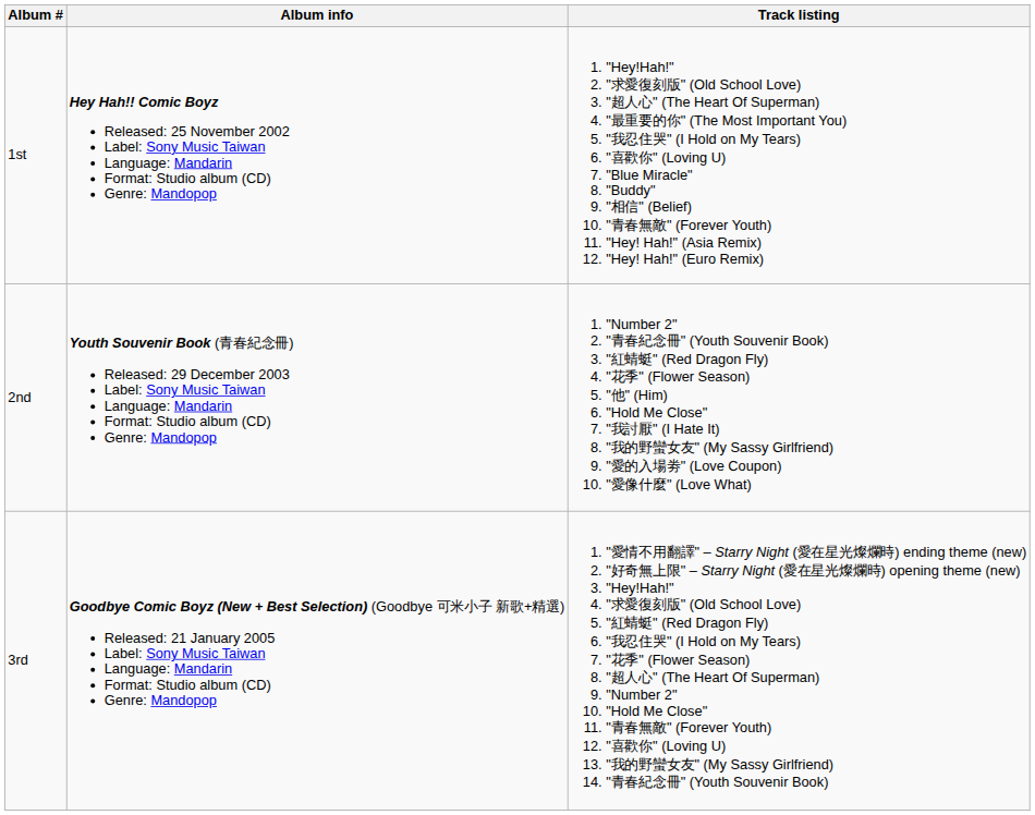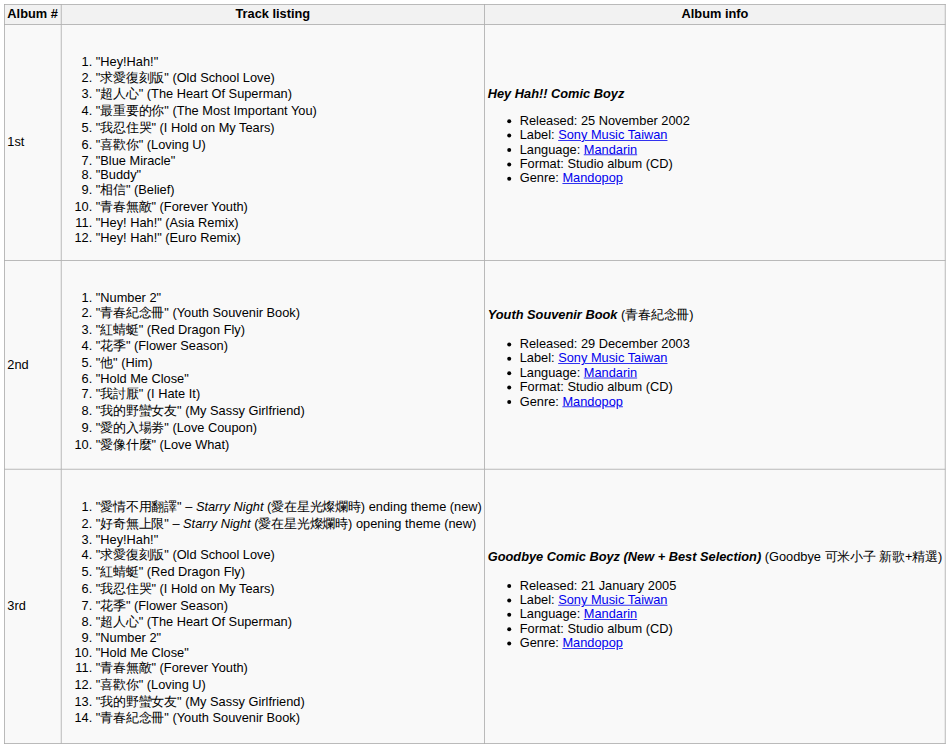 <table class="wikitable">
 <tr>
 <th>Album #</th>
+<th>Track listing</th>
 <th>Album info</th>
-<th>Track listing</th>
 </tr>
 <tr>
 <td>1st</td>
+<td><br><ol><li>"Hey!Hah!"</li><li>"求愛復刻版" (Old School Love)</li><li>"超人心" (The Heart Of Superman)</li><li>"最重要的你" (The Most Important You)</li><li>"我忍住哭" (I Hold on My Tears)</li><li>"喜歡你" (Loving U)</li><li>"Blue Miracle"</li><li>"Buddy"</li><li>"相信" (Belief)</li><li>"青春無敵" (Forever Youth)</li><li>"Hey! Hah!" (Asia Remix)</li><li>"Hey! Hah!" (Euro Remix)</li></ol></td>
 <td><strong><em>Hey Hah!! Comic Boyz</em></strong><br><ul><li>Released: 25 November 2002</li><li>Label: <a href='#'>Sony Music Taiwan</a></li><li>Language: <a href='#'>Mandarin</a></li><li>Format: Studio album (CD)</li><li>Genre: <a href='#'>Mandopop</a></li></ul></td>
-<td><br><ol><li>"Hey!Hah!"</li><li>"求愛復刻版" (Old School Love)</li><li>"超人心" (The Heart Of Superman)</li><li>"最重要的你" (The Most Important You)</li><li>"我忍住哭" (I Hold on My Tears)</li><li>"喜歡你" (Loving U)</li><li>"Blue Miracle"</li><li>"Buddy"</li><li>"相信" (Belief)</li><li>"青春無敵" (Forever Youth)</li><li>"Hey! Hah!" (Asia Remix)</li><li>"Hey! Hah!" (Euro Remix)</li></ol></td>
 </tr>
 <tr>
 <td>2nd</td>
+<td><br><ol><li>"Number 2"</li><li>"青春紀念冊" (Youth Souvenir Book)</li><li>"紅蜻蜓" (Red Dragon Fly)</li><li>"花季" (Flower Season)</li><li>"他" (Him)</li><li>"Hold Me Close"</li><li>"我討厭" (I Hate It)</li><li>"我的野蠻女友" (My Sassy Girlfriend)</li><li>"愛的入場劵" (Love Coupon)</li><li>"愛像什麼" (Love What)</li></ol></td>
 <td><strong><em>Youth Souvenir Book</em></strong> (青春紀念冊)<br><ul><li>Released: 29 December 2003</li><li>Label: <a href='#'>Sony Music Taiwan</a></li><li>Language: <a href='#'>Mandarin</a></li><li>Format: Studio album (CD)</li><li>Genre: <a href='#'>Mandopop</a></li></ul></td>
-<td><br><ol><li>"Number 2"</li><li>"青春紀念冊" (Youth Souvenir Book)</li><li>"紅蜻蜓" (Red Dragon Fly)</li><li>"花季" (Flower Season)</li><li>"他" (Him)</li><li>"Hold Me Close"</li><li>"我討厭" (I Hate It)</li><li>"我的野蠻女友" (My Sassy Girlfriend)</li><li>"愛的入場劵" (Love Coupon)</li><li>"愛像什麼" (Love What)</li></ol></td>
 </tr>
 <tr>
 <td>3rd</td>
+<td><br><ol><li>"愛情不用翻譯"  – <em>Starry Night</em> (愛在星光燦爛時) ending theme (new)</li><li>"好奇無上限"  – <em>Starry Night</em> (愛在星光燦爛時) opening theme (new)</li><li>"Hey!Hah!"</li><li>"求愛復刻版" (Old School Love)</li><li>"紅蜻蜓" (Red Dragon Fly)</li><li>"我忍住哭" (I Hold on My Tears)</li><li>"花季" (Flower Season)</li><li>"超人心" (The Heart Of Superman)</li><li>"Number 2"</li><li>"Hold Me Close"</li><li>"青春無敵" (Forever Youth)</li><li>"喜歡你" (Loving U)</li><li>"我的野蠻女友" (My Sassy Girlfriend)</li><li>"青春紀念冊" (Youth Souvenir Book)</li></ol></td>
 <td><strong><em>Goodbye Comic Boyz (New + Best Selection)</em></strong> (Goodbye 可米小子 新歌+精選)<br><ul><li>Released: 21 January 2005</li><li>Label: <a href='#'>Sony Music Taiwan</a></li><li>Language: <a href='#'>Mandarin</a></li><li>Format: Studio album (CD)</li><li>Genre: <a href='#'>Mandopop</a></li></ul></td>
-<td><br><ol><li>"愛情不用翻譯"  – <em>Starry Night</em> (愛在星光燦爛時) ending theme (new)</li><li>"好奇無上限"  – <em>Starry Night</em> (愛在星光燦爛時) opening theme (new)</li><li>"Hey!Hah!"</li><li>"求愛復刻版" (Old School Love)</li><li>"紅蜻蜓" (Red Dragon Fly)</li><li>"我忍住哭" (I Hold on My Tears)</li><li>"花季" (Flower Season)</li><li>"超人心" (The Heart Of Superman)</li><li>"Number 2"</li><li>"Hold Me Close"</li><li>"青春無敵" (Forever Youth)</li><li>"喜歡你" (Loving U)</li><li>"我的野蠻女友" (My Sassy Girlfriend)</li><li>"青春紀念冊" (Youth Souvenir Book)</li></ol></td>
 </tr>
 </table>
